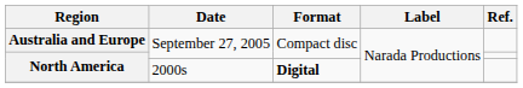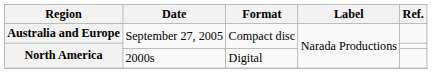 <table class="wikitable plainrowheaders">
 <tr>
 <th scope="col">Region</th>
 <th scope="col">Date</th>
 <th scope="col">Format</th>
 <th scope="col">Label</th>
 <th scope="col">Ref.</th>
 </tr>
 <tr>
 <th scope="row">Australia and Europe</th>
 <td rowspan="2">September 27, 2005</td>
 <td rowspan="2">Compact disc</td>
 <td rowspan="3">Narada Productions</td>
 <td></td>
 </tr>
 <tr>
 <th scope="row" rowspan="2">North America</th>
 <td></td>
 </tr>
 <tr>
 <td>2000s</td>
-<td><strong>Digital</strong></td>
+<td>Digital</td>
 <td></td>
 </tr>
 <tr>
 </tr>
 </table>
